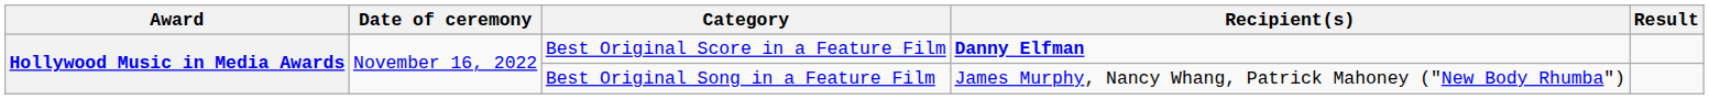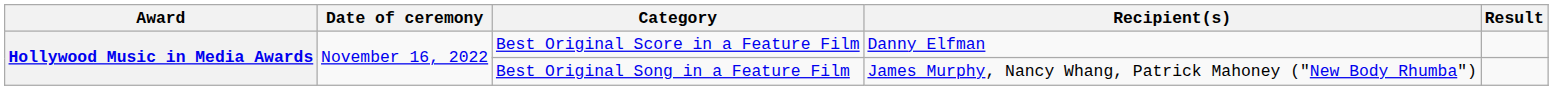 <table class="wikitable sortable plainrowheaders">
 <tr>
 <th scope="col">Award</th>
 <th scope="col">Date of ceremony</th>
 <th scope="col">Category</th>
 <th scope="col">Recipient(s)</th>
 <th scope="col">Result</th>
 </tr>
 <tr>
 <th rowspan="2" scope="row"><a href='#'>Hollywood Music in Media Awards</a></th>
 <td rowspan="2"><a href='#'>November 16, 2022</a></td>
 <td><a href='#'>Best Original Score in a Feature Film</a></td>
-<td><strong><a href='#'>Danny Elfman</a></strong></td>
+<td><a href='#'>Danny Elfman</a></td>
 <td></td>
 </tr>
 <tr>
 <td><a href='#'>Best Original Song in a Feature Film</a></td>
 <td><a href='#'>James Murphy</a>, Nancy Whang, Patrick Mahoney ("<a href='#'>New Body Rhumba</a>")</td>
 <td></td>
 </tr>
 </table>
